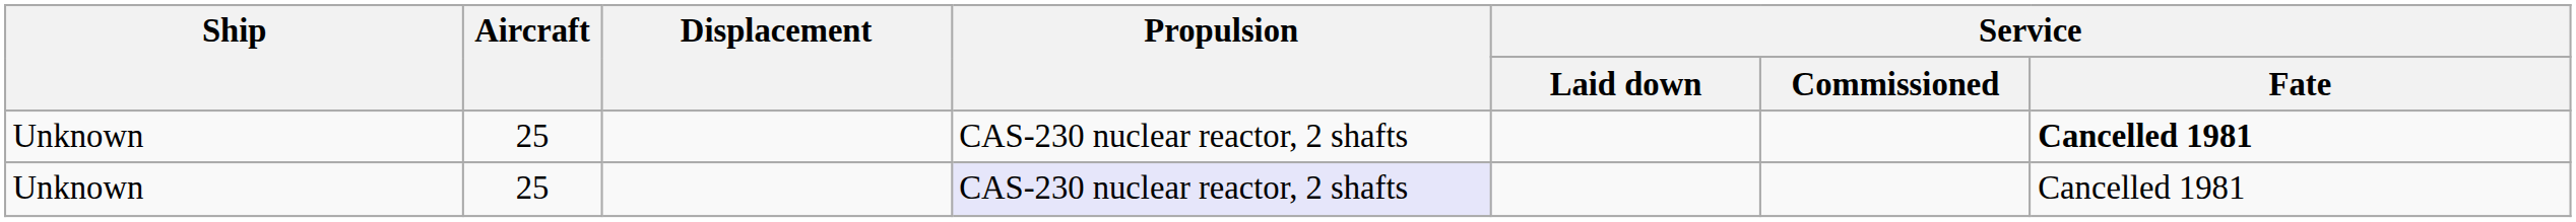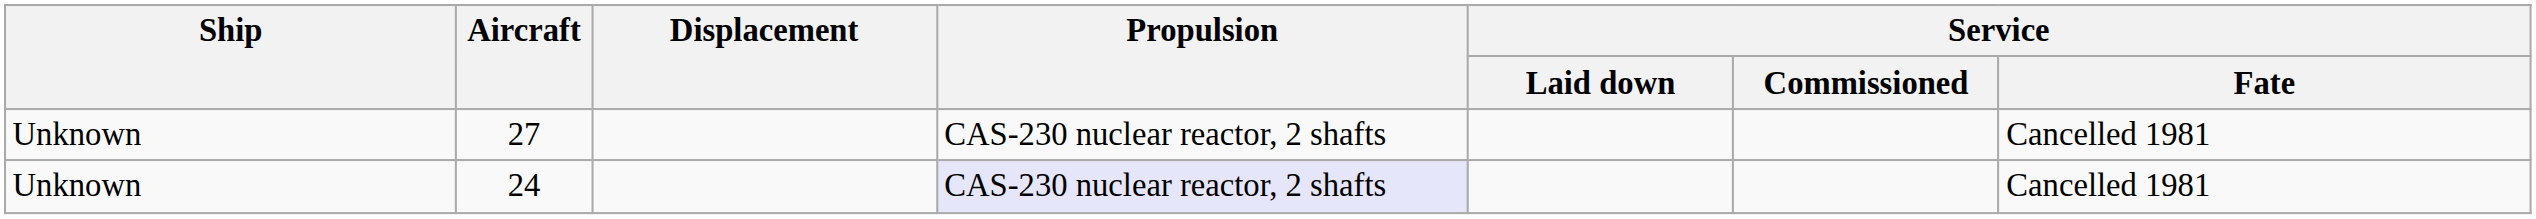 <table class="wikitable" style="width:98%;">
 <tr valign="top"|- valign="top">
 <th style="width:17%; text-align:center;" rowspan="2">Ship</th>
 <th style="width:5%; text-align:center;" rowspan="2">Aircraft</th>
 <th style="width:13%; text-align:center;" rowspan="2">Displacement</th>
 <th style="width:20%; text-align:center;" rowspan="2">Propulsion</th>
 <th style="width:40%; text-align:center;" colspan="3">Service</th>
 </tr>
 <tr valign="top">
 <th style="width:10%; text-align:center;">Laid down</th>
 <th style="width:10%; text-align:center;">Commissioned</th>
 <th style="width:20%; text-align:center;">Fate</th>
 </tr>
 <tr valign="top">
 <td align= left>Unknown</td>
-<td style="text-align:center;">25</td>
+<td style="text-align:center;">27</td>
 <td style="text-align:center;"></td>
 <td align= left>CAS-230 nuclear reactor, 2 shafts</td>
 <td style="text-align:center;"></td>
 <td style="text-align:center;"></td>
-<td align= left><strong>Cancelled 1981</strong></td>
+<td align= left>Cancelled 1981</td>
 </tr>
 <tr valign="top">
 <td align= left>Unknown</td>
-<td style="text-align:center;">25</td>
+<td style="text-align:center;">24</td>
 <td style="text-align:center;"></td>
 <td align= left style="background: lavender;">CAS-230 nuclear reactor, 2 shafts</td>
 <td style="text-align:center;"></td>
 <td style="text-align:center;"></td>
 <td align= left>Cancelled 1981</td>
 </tr>
 </table>
